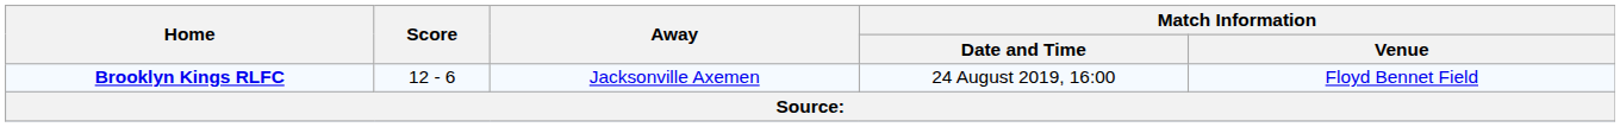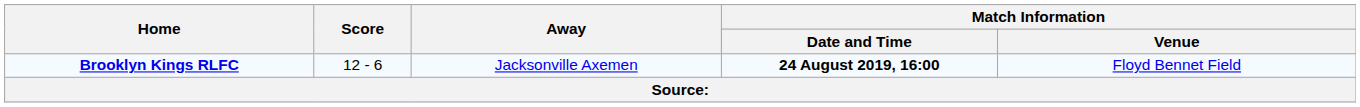 <table class="wikitable" width="100%" style="border-collapse:collapse; font-size:90%; text-align:center;">
 <tr>
 <th rowspan="2" width="19%">Home</th>
 <th rowspan="2" width="6%">Score</th>
 <th rowspan="2" width="19%">Away</th>
 <th colspan="2">Match Information</th>
 </tr>
 <tr bgcolor="#CCCCCC">
 <th width="17%">Date and Time</th>
 <th width="22%">Venue</th>
 </tr>
 <tr bgcolor="#F5FAFF">
 <td><strong><a href='#'>Brooklyn Kings RLFC</a></strong></td>
 <td>12 - 6</td>
 <td><a href='#'>Jacksonville Axemen</a></td>
-<td>24 August 2019, 16:00</td>
+<td><strong>24 August 2019, 16:00</strong></td>
 <td><a href='#'>Floyd Bennet Field</a></td>
 </tr>
 <tr bgcolor="#C1D8FF">
 <th colspan="5">Source:</th>
 </tr>
 </table>
